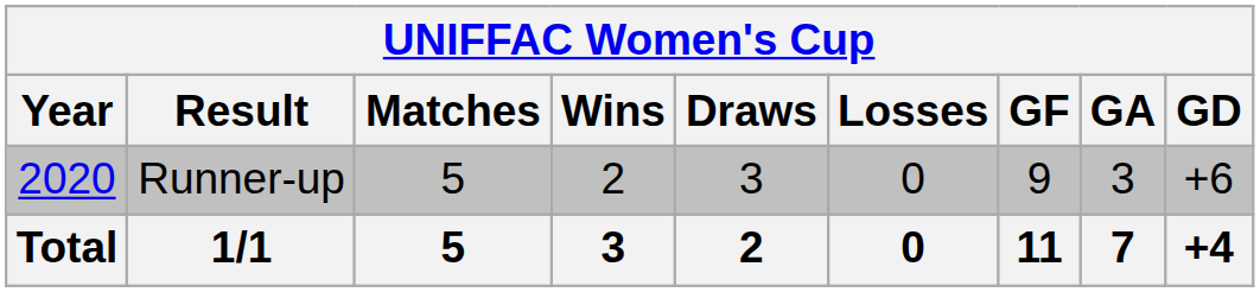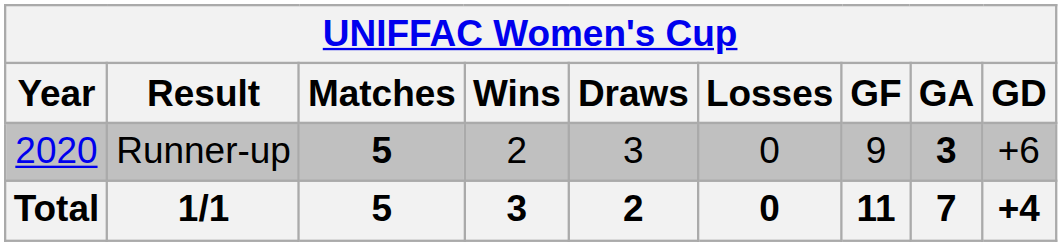 <table class="wikitable" style="text-align: center;">
 <tr>
 <th colspan=9><strong><a href='#'>UNIFFAC Women's Cup</a> </strong></th>
 </tr>
 <tr>
 <th>Year</th>
 <th>Result</th>
 <th>Matches</th>
 <th>Wins</th>
 <th>Draws</th>
 <th>Losses</th>
 <th>GF</th>
 <th>GA</th>
 <th>GD</th>
 </tr>
 <tr bgcolor=silver>
 <td><a href='#'>2020</a></td>
 <td>Runner-up</td>
-<td>5</td>
+<td><strong>5</strong></td>
 <td>2</td>
 <td>3</td>
 <td>0</td>
 <td>9</td>
-<td>3</td>
+<td><strong>3</strong></td>
 <td>+6</td>
 </tr>
 <tr>
 <th>Total</th>
 <th>1/1</th>
 <th>5</th>
 <th>3</th>
 <th>2</th>
 <th>0</th>
 <th>11</th>
 <th>7</th>
 <th>+4</th>
 </tr>
 </table>
